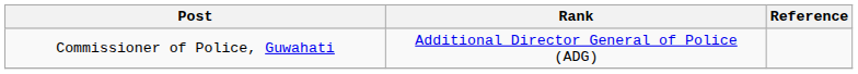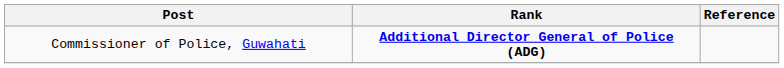 <table class="wikitable" style="text-align:center">
 <tr style="background:#cccccc">
 <th scope="col" style="width: 335px;">Post</th>
 <th scope="col" style="width: 335px;">Rank</th>
 <th scope="col" style="width: 30px;">Reference</th>
 </tr>
 <tr>
 <td>Commissioner of Police, <a href='#'>Guwahati</a></td>
-<td><a href='#'>Additional Director General of Police</a> (ADG)</td>
+<td><strong><a href='#'>Additional Director General of Police</a> (ADG)</strong></td>
 <td></td>
 </tr>
 <tr>
 </tr>
 </table>
